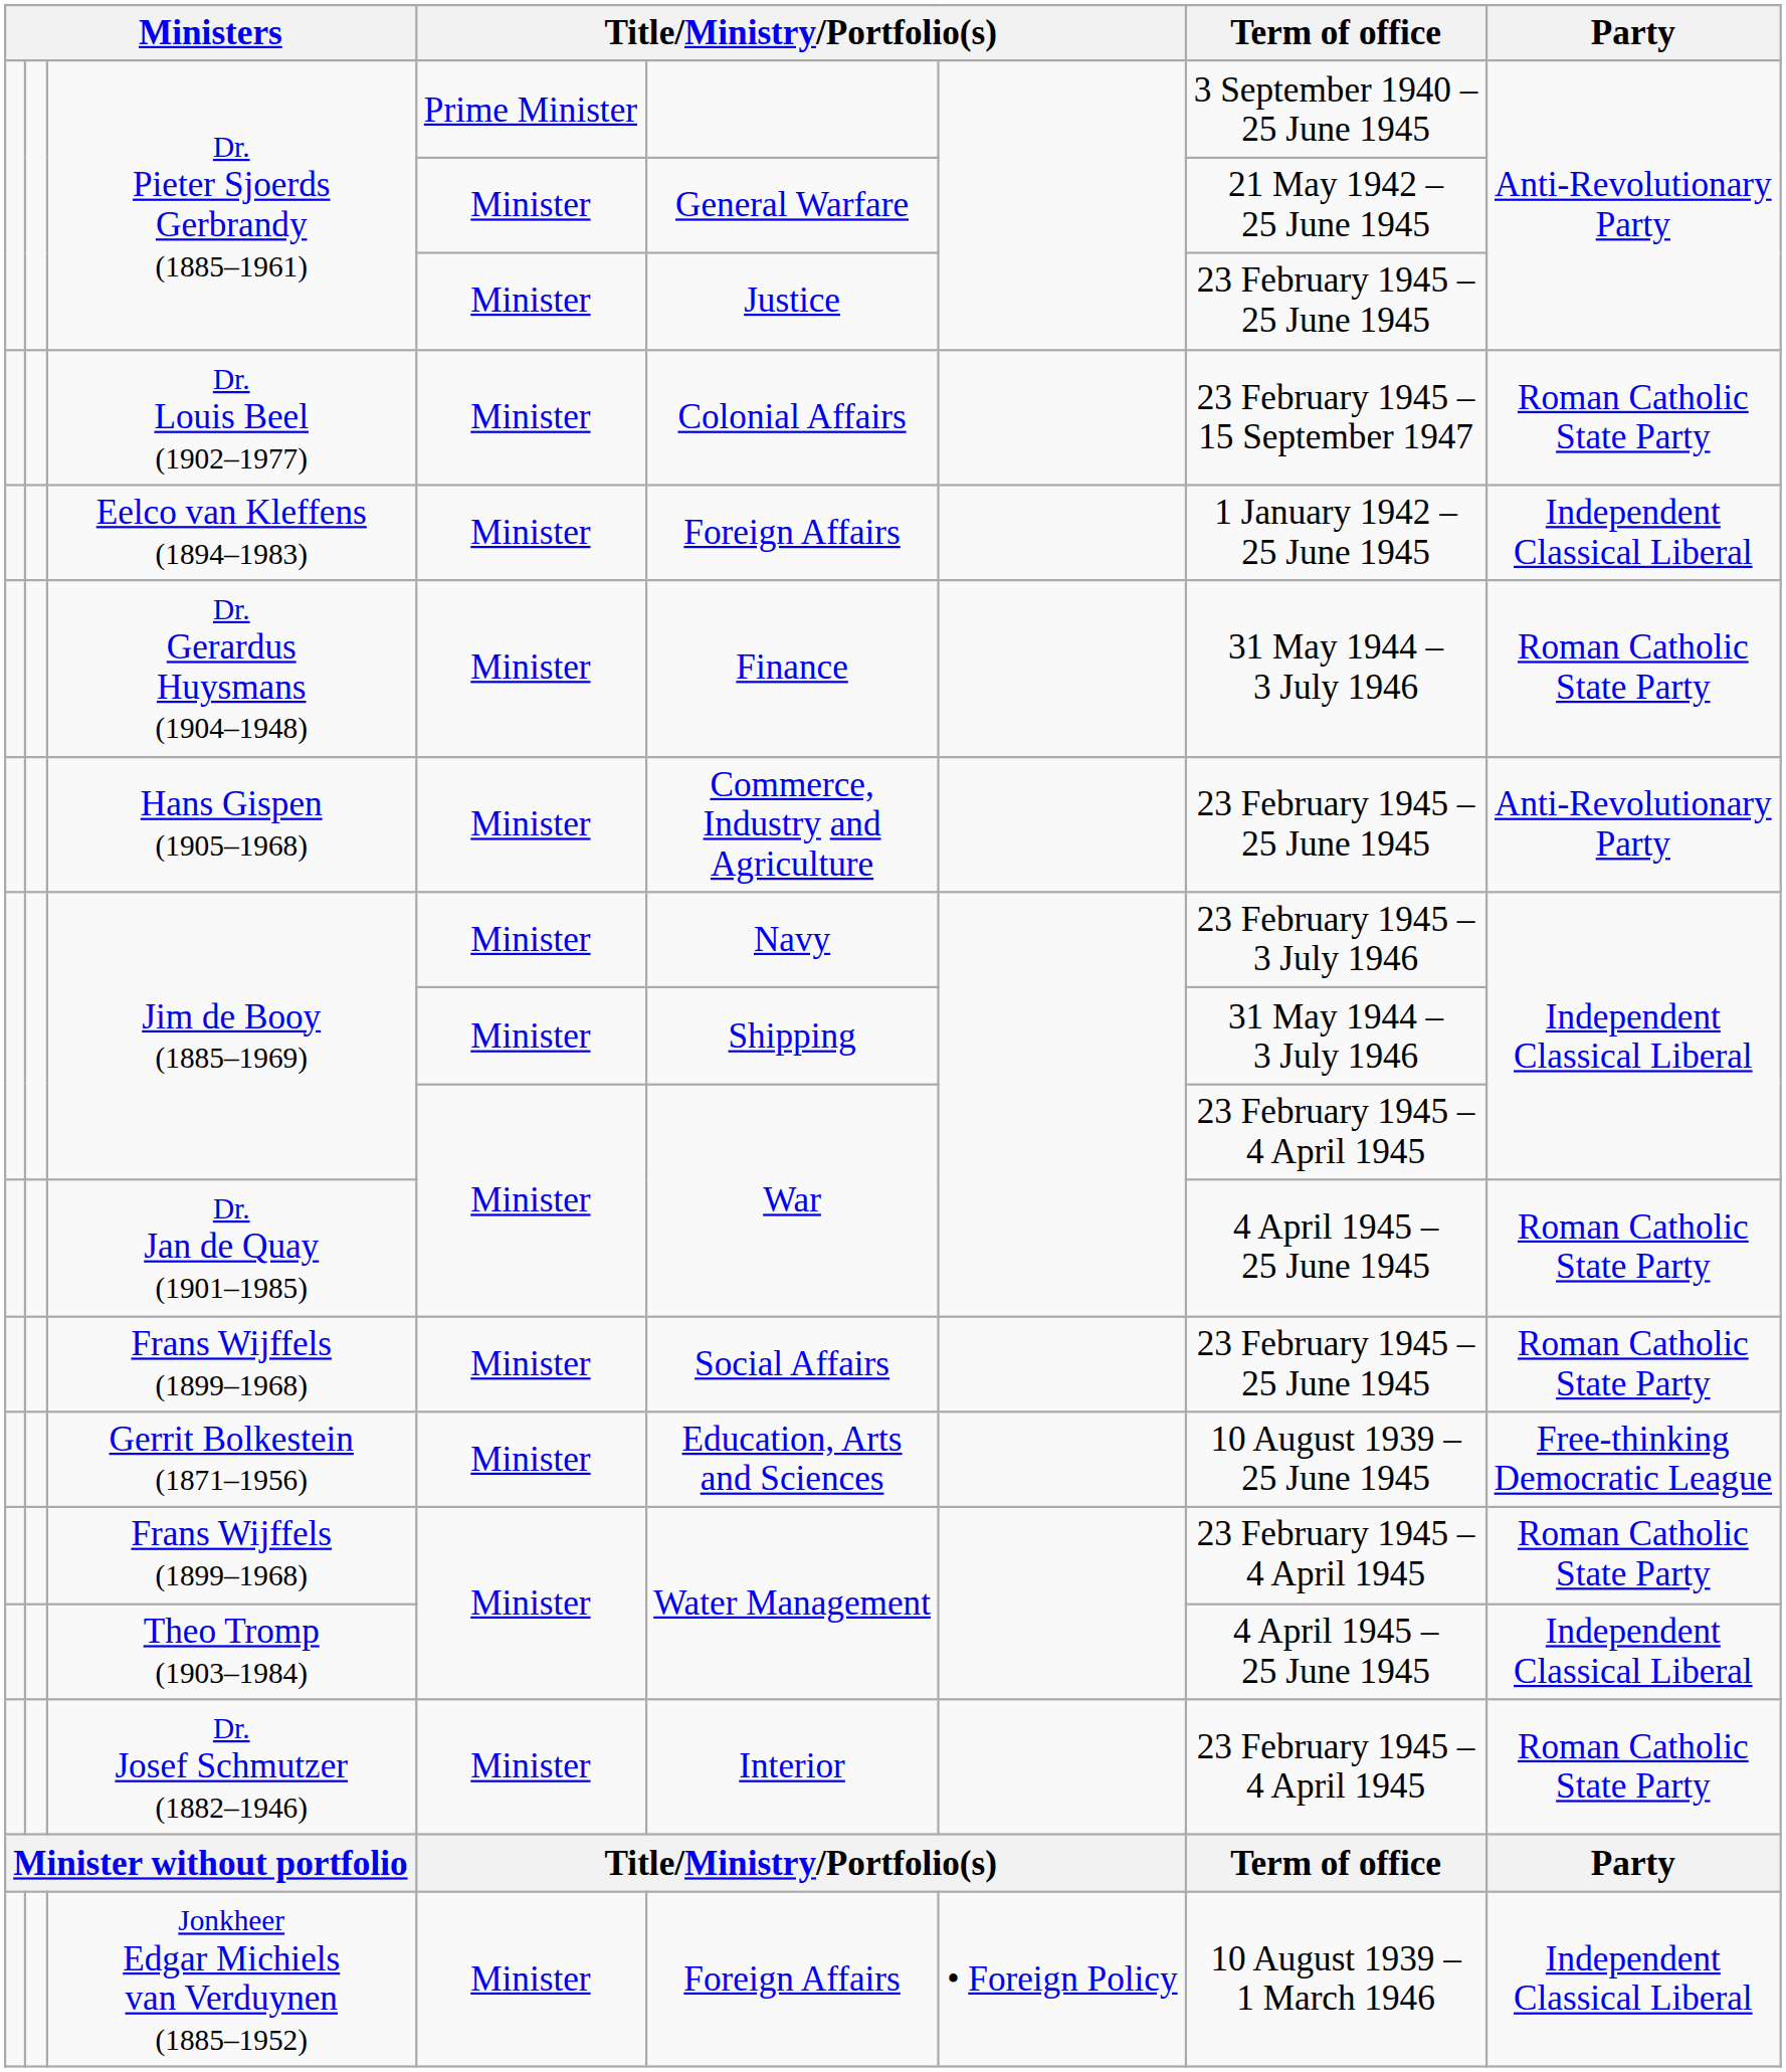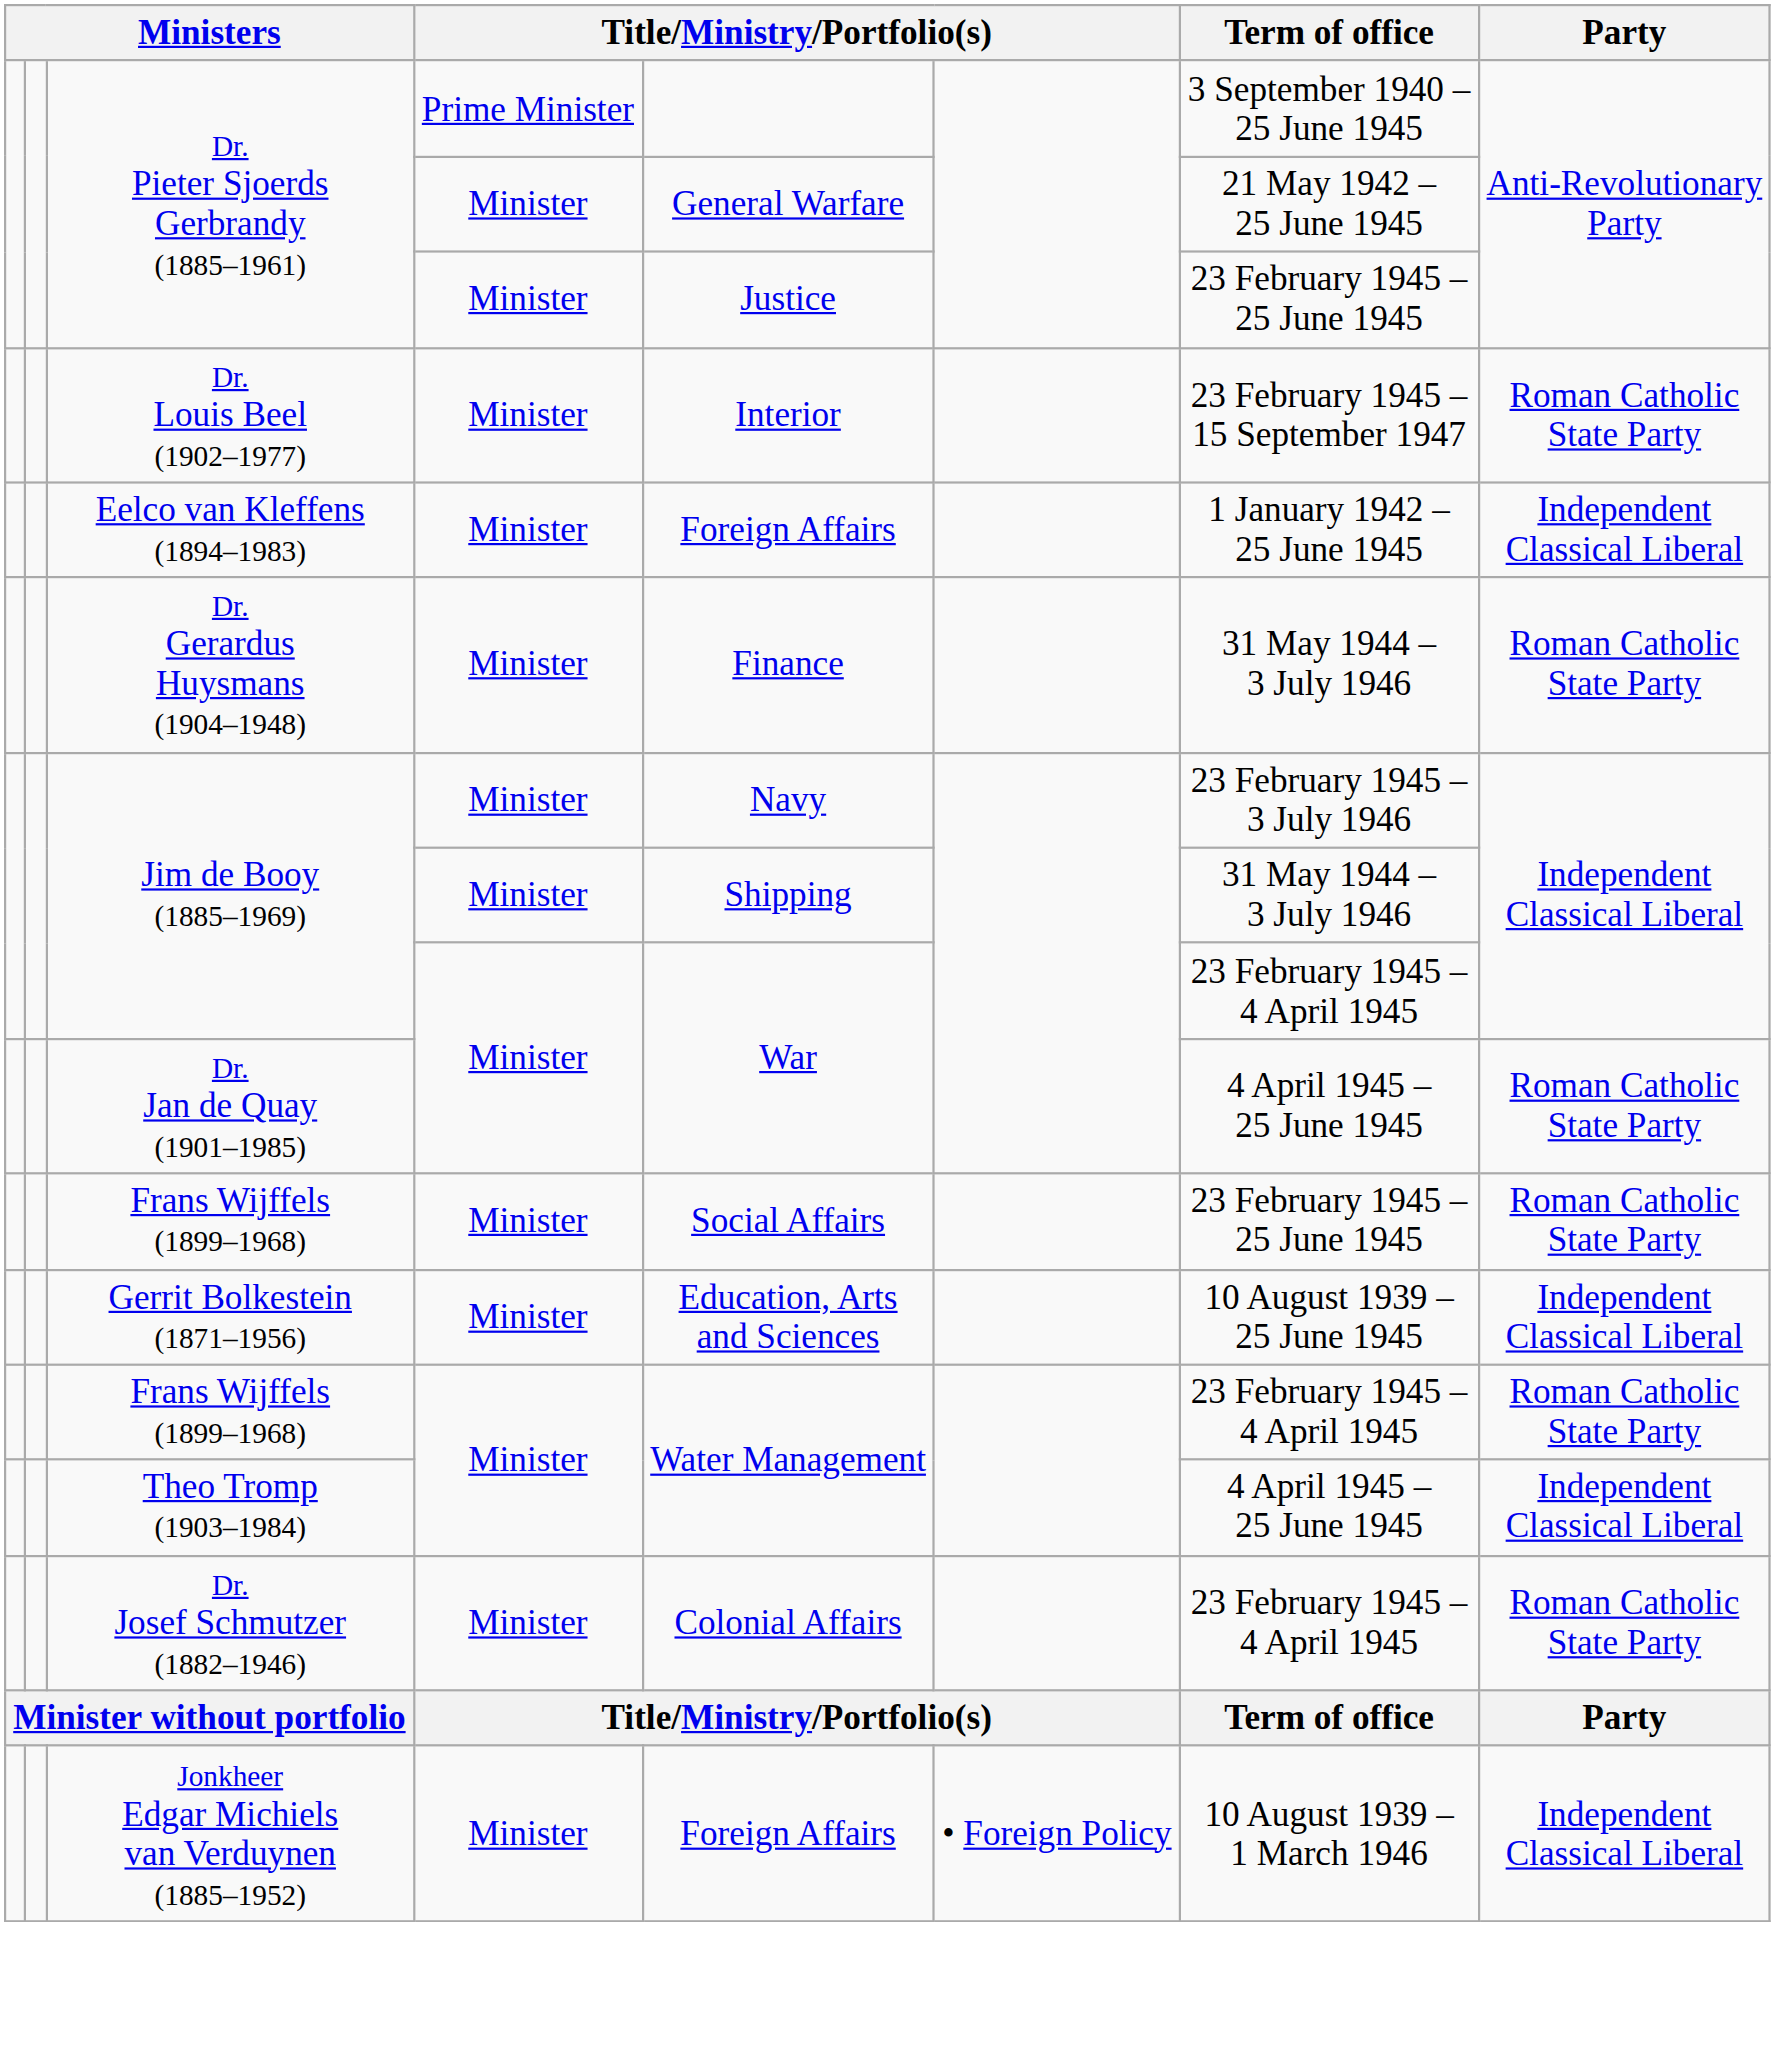 <table class="wikitable" style="text-align:center">
 <tr>
 <th colspan=3><a href='#'>Ministers</a></th>
 <th colspan=3>Title/<a href='#'>Ministry</a>/Portfolio(s)</th>
 <th>Term of office</th>
 <th>Party</th>
 </tr>
 <tr>
 <td rowspan=3 style="background:"></td>
 <td rowspan=3></td>
 <td rowspan=3><small><a href='#'>Dr.</a></small> <br> <a href='#'>Pieter Sjoerds <br> Gerbrandy</a> <br> <small>(1885–1961)</small></td>
 <td><a href='#'>Prime Minister</a></td>
 <td></td>
 <td rowspan=3></td>
 <td>3 September 1940 – <br> 25 June 1945 <br> </td>
 <td rowspan=3><a href='#'>Anti-Revolutionary <br> Party</a></td>
 </tr>
 <tr>
 <td><a href='#'>Minister</a></td>
 <td><a href='#'>General Warfare</a></td>
 <td>21 May 1942 – <br> 25 June 1945 <br> </td>
 </tr>
 <tr>
 <td><a href='#'>Minister</a></td>
 <td><a href='#'>Justice</a></td>
 <td>23 February 1945 – <br> 25 June 1945</td>
 </tr>
 <tr>
 <td style="background:"></td>
 <td></td>
 <td><small><a href='#'>Dr.</a></small> <br> <a href='#'>Louis Beel</a> <br> <small>(1902–1977)</small></td>
 <td><a href='#'>Minister</a></td>
-<td><a href='#'>Colonial Affairs</a></td>
+<td><a href='#'>Interior</a></td>
 <td></td>
 <td>23 February 1945 – <br> 15 September 1947 <br> </td>
 <td><a href='#'>Roman Catholic <br> State Party</a></td>
 </tr>
 <tr>
 <td style="background:"></td>
 <td></td>
 <td><a href='#'>Eelco van Kleffens</a> <br> <small>(1894–1983)</small></td>
 <td><a href='#'>Minister</a></td>
 <td><a href='#'>Foreign Affairs</a></td>
 <td></td>
 <td>1 January 1942 – <br> 25 June 1945  <br> </td>
 <td><a href='#'>Independent</a> <br> <a href='#'>Classical Liberal</a></td>
 </tr>
 <tr>
 <td style="background:"></td>
 <td></td>
 <td><small><a href='#'>Dr.</a></small> <br> <a href='#'>Gerardus <br> Huysmans</a> <br> <small>(1904–1948)</small></td>
 <td><a href='#'>Minister</a></td>
 <td><a href='#'>Finance</a></td>
 <td></td>
 <td>31 May 1944 – <br> 3 July 1946 <br>  </td>
 <td><a href='#'>Roman Catholic <br> State Party</a></td>
-</tr>
-<tr>
-<td style="background:"></td>
-<td></td>
-<td><a href='#'>Hans Gispen</a> <br> <small>(1905–1968)</small></td>
-<td><a href='#'>Minister</a></td>
-<td><a href='#'>Commerce, <br> Industry</a> <a href='#'>and <br> Agriculture</a></td>
-<td></td>
-<td>23 February 1945 – <br> 25 June 1945</td>
-<td><a href='#'>Anti-Revolutionary <br> Party</a></td>
 </tr>
 <tr>
 <td rowspan=3 style="background:"></td>
 <td rowspan=3></td>
 <td rowspan=3><a href='#'>Jim de Booy</a> <br> <small>(1885–1969)</small></td>
 <td><a href='#'>Minister</a></td>
 <td><a href='#'>Navy</a></td>
 <td rowspan=4></td>
 <td>23 February 1945 – <br> 3 July 1946  <br> </td>
 <td rowspan=3><a href='#'>Independent</a> <br> <a href='#'>Classical Liberal</a></td>
 </tr>
 <tr>
 <td><a href='#'>Minister</a></td>
 <td><a href='#'>Shipping</a></td>
 <td>31 May 1944 – <br> 3 July 1946 <br>  </td>
 </tr>
 <tr>
 <td rowspan=2><a href='#'>Minister</a></td>
 <td rowspan=2><a href='#'>War</a></td>
 <td>23 February 1945 – <br> 4 April 1945 <br> </td>
 </tr>
 <tr>
 <td style="background:"></td>
 <td></td>
 <td><small><a href='#'>Dr.</a></small> <br> <a href='#'>Jan de Quay</a> <br> <small>(1901–1985)</small></td>
 <td>4 April 1945 – <br> 25 June 1945</td>
 <td><a href='#'>Roman Catholic <br> State Party</a></td>
 </tr>
 <tr>
 <td style="background:"></td>
 <td></td>
 <td><a href='#'>Frans Wijffels</a> <br> <small>(1899–1968)</small></td>
 <td><a href='#'>Minister</a></td>
 <td><a href='#'>Social Affairs</a></td>
 <td></td>
 <td>23 February 1945 – <br> 25 June 1945</td>
 <td><a href='#'>Roman Catholic <br> State Party</a></td>
 </tr>
 <tr>
 <td style="background:"></td>
 <td></td>
 <td><a href='#'>Gerrit Bolkestein</a> <br> <small>(1871–1956)</small></td>
 <td><a href='#'>Minister</a></td>
 <td><a href='#'>Education, Arts <br> and Sciences</a></td>
 <td></td>
 <td>10 August 1939 – <br> 25 June 1945 <br> </td>
-<td><a href='#'>Free-thinking <br> Democratic League</a></td>
+<td><a href='#'>Independent</a> <br> <a href='#'>Classical Liberal</a></td>
 </tr>
 <tr>
 <td style="background:"></td>
 <td></td>
 <td><a href='#'>Frans Wijffels</a> <br> <small>(1899–1968)</small></td>
 <td rowspan=2><a href='#'>Minister</a></td>
 <td rowspan=2><a href='#'>Water Management</a></td>
 <td rowspan=2></td>
 <td>23 February 1945 – <br> 4 April 1945 <br> </td>
 <td><a href='#'>Roman Catholic <br> State Party</a></td>
 </tr>
 <tr>
 <td style="background:"></td>
 <td></td>
 <td><a href='#'>Theo Tromp</a> <br> <small>(1903–1984)</small></td>
 <td>4 April 1945 – <br> 25 June 1945</td>
 <td><a href='#'>Independent</a> <br> <a href='#'>Classical Liberal</a></td>
 </tr>
 <tr>
 <td style="background:"></td>
 <td></td>
 <td><small><a href='#'>Dr.</a></small> <br> <a href='#'>Josef Schmutzer</a> <br> <small>(1882–1946)</small></td>
 <td><a href='#'>Minister</a></td>
-<td><a href='#'>Interior</a></td>
+<td><a href='#'>Colonial Affairs</a></td>
 <td></td>
 <td>23 February 1945 – <br> 4 April 1945 <br> </td>
 <td><a href='#'>Roman Catholic <br> State Party</a></td>
 </tr>
 <tr>
 <th colspan=3><a href='#'>Minister without portfolio</a></th>
 <th colspan=3>Title/<a href='#'>Ministry</a>/Portfolio(s)</th>
 <th>Term of office</th>
 <th>Party</th>
 </tr>
 <tr>
 <td style="background:"></td>
 <td></td>
 <td><small><a href='#'>Jonkheer</a></small> <br> <a href='#'>Edgar Michiels <br> van Verduynen</a> <br> <small>(1885–1952)</small></td>
 <td><a href='#'>Minister</a></td>
 <td><a href='#'>Foreign Affairs</a></td>
 <td>• <a href='#'>Foreign Policy</a></td>
 <td>10 August 1939 – <br> 1 March 1946 <br>  </td>
 <td><a href='#'>Independent</a> <br> <a href='#'>Classical Liberal</a></td>
 </tr>
 </table>
